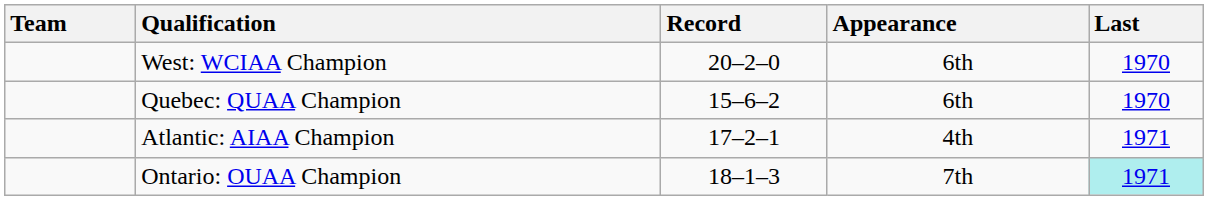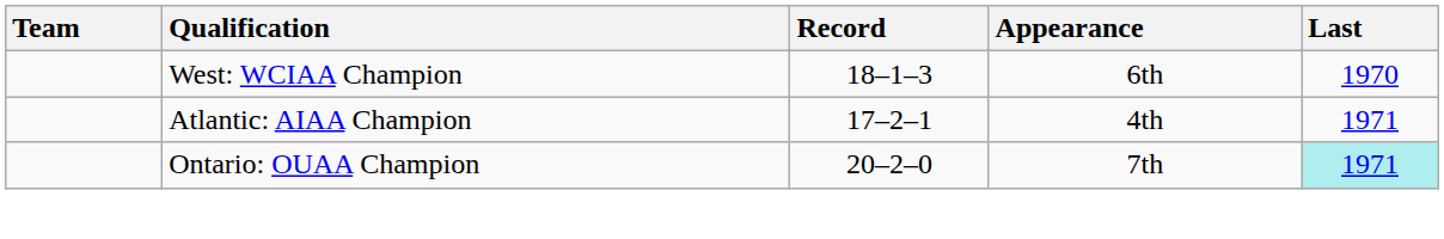 <table class="wikitable sortable" style="text-align: center;" width=800>
 <tr style="background:#efefef; text-align:center">
 <th style="text-align:left">Team</th>
 <th style="text-align:left">Qualification</th>
 <th style="text-align:left">Record</th>
 <th style="text-align:left">Appearance</th>
 <th style="text-align:left">Last</th>
 </tr>
 <tr style="text-align:center">
 <td style="text-align:left; "><a href='#'></a></td>
 <td style="text-align:left">West: <a href='#'>WCIAA</a> Champion</td>
-<td style="text-align:center">20–2–0</td>
-<td style="text-align:center">6th</td>
-<td style="text-align:center"><a href='#'>1970</a></td>
-</tr>
-<tr style="text-align:center">
-<td style="text-align:left; "><a href='#'></a></td>
-<td style="text-align:left">Quebec: <a href='#'>QUAA</a> Champion</td>
-<td style="text-align:center">15–6–2</td>
+<td style="text-align:center">18–1–3</td>
 <td style="text-align:center">6th</td>
 <td style="text-align:center"><a href='#'>1970</a></td>
 </tr>
 <tr style="text-align:center">
 <td style="text-align:left; "><a href='#'></a></td>
 <td style="text-align:left">Atlantic: <a href='#'>AIAA</a> Champion</td>
 <td style="text-align:center">17–2–1</td>
 <td style="text-align:center">4th</td>
 <td style="text-align:center"><a href='#'>1971</a></td>
 </tr>
 <tr style="text-align:center">
 <td style="text-align:left; "><a href='#'></a></td>
 <td style="text-align:left">Ontario: <a href='#'>OUAA</a> Champion</td>
-<td style="text-align:center">18–1–3</td>
+<td style="text-align:center">20–2–0</td>
 <td style="text-align:center">7th</td>
 <td style="background: paleturquoise; text-align:center"><a href='#'>1971</a></td>
 </tr>
 </table>
